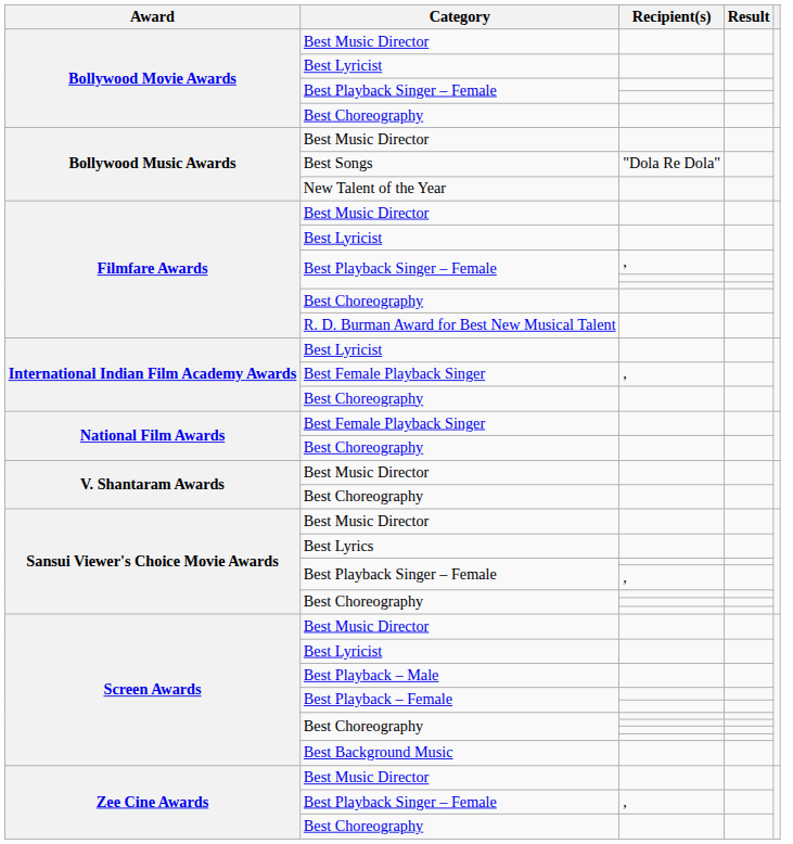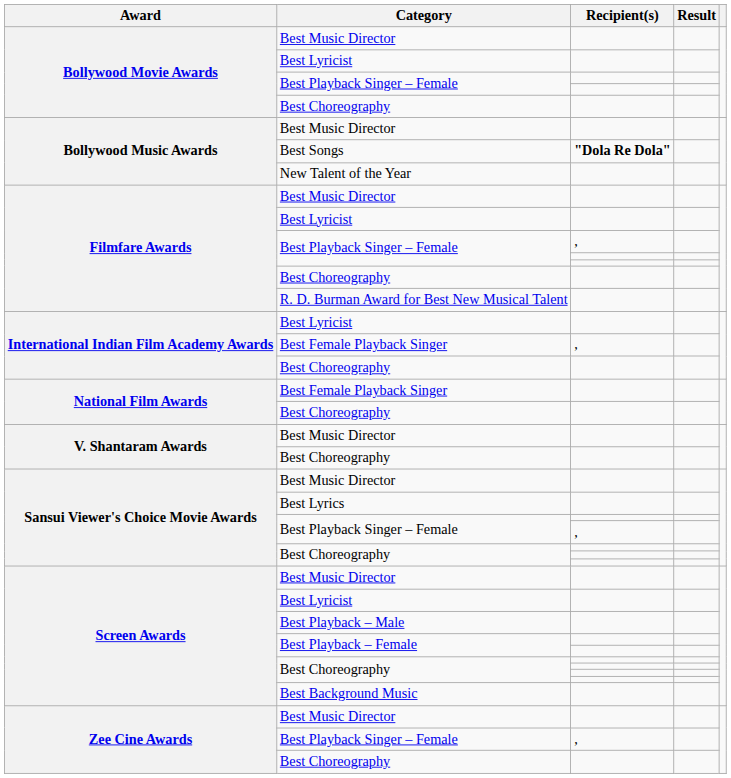 <table class="wikitable plainrowheaders sortable">
 <tr>
 <th scope="col">Award</th>
 <th scope="col">Category</th>
 <th scope="col">Recipient(s)</th>
 <th scope="col" class="unsortable">Result</th>
 <th scope="col" class="unsortable"></th>
 </tr>
 <tr>
 <th scope="row" rowspan="5"><a href='#'>Bollywood Movie Awards</a></th>
 <td><a href='#'>Best Music Director</a></td>
 <td></td>
 <td></td>
 <td style="text-align:center;" rowspan="5"><br></td>
 </tr>
 <tr>
 <td><a href='#'>Best Lyricist</a></td>
 <td> </td>
 <td></td>
 </tr>
 <tr>
 <td rowspan="2"><a href='#'>Best Playback Singer – Female</a></td>
 <td> </td>
 <td></td>
 </tr>
 <tr>
 <td> </td>
 <td></td>
 </tr>
 <tr>
 <td><a href='#'>Best Choreography</a></td>
 <td> </td>
 <td></td>
 </tr>
 <tr>
 <th scope="row" rowspan="3">Bollywood Music Awards</th>
 <td>Best Music Director</td>
 <td></td>
 <td></td>
 <td style="text-align:center;" rowspan="3"></td>
 </tr>
 <tr>
 <td>Best Songs</td>
-<td>"Dola Re Dola"</td>
+<td><strong>"Dola Re Dola"</strong></td>
 <td></td>
 </tr>
 <tr>
 <td>New Talent of the Year</td>
 <td></td>
 <td></td>
 </tr>
 <tr>
 <th scope="row" rowspan="7"><a href='#'>Filmfare Awards</a></th>
 <td><a href='#'>Best Music Director</a></td>
 <td></td>
 <td></td>
 <td style="text-align:center;" rowspan="7"><br></td>
 </tr>
 <tr>
 <td><a href='#'>Best Lyricist</a></td>
 <td> </td>
 <td></td>
 </tr>
 <tr>
 <td rowspan="3"><a href='#'>Best Playback Singer – Female</a></td>
 <td>,  </td>
 <td></td>
 </tr>
 <tr>
 <td> </td>
 <td></td>
 </tr>
 <tr>
 <td> </td>
 <td></td>
 </tr>
 <tr>
 <td><a href='#'>Best Choreography</a></td>
 <td> </td>
 <td></td>
 </tr>
 <tr>
 <td><a href='#'>R. D. Burman Award for Best New Musical Talent</a></td>
 <td></td>
 <td></td>
 </tr>
 <tr>
 <th scope="row" rowspan="3"><a href='#'>International Indian Film Academy Awards</a></th>
 <td><a href='#'>Best Lyricist</a></td>
 <td> </td>
 <td></td>
 <td style="text-align:center;" rowspan="3"><br></td>
 </tr>
 <tr>
 <td><a href='#'>Best Female Playback Singer</a></td>
 <td>,  </td>
 <td></td>
 </tr>
 <tr>
 <td><a href='#'>Best Choreography</a></td>
 <td> </td>
 <td></td>
 </tr>
 <tr>
 <th scope="row" rowspan="2"><a href='#'>National Film Awards</a></th>
 <td><a href='#'>Best Female Playback Singer</a></td>
 <td> </td>
 <td></td>
 <td style="text-align:center;" rowspan="2"></td>
 </tr>
 <tr>
 <td><a href='#'>Best Choreography</a></td>
 <td> </td>
 <td></td>
 </tr>
 <tr>
 <th scope="row" rowspan="2">V. Shantaram Awards</th>
 <td>Best Music Director</td>
 <td></td>
 <td></td>
 <td style="text-align:center;" rowspan="2"></td>
 </tr>
 <tr>
 <td>Best Choreography</td>
 <td> </td>
 <td></td>
 </tr>
 <tr>
 <th scope="row" rowspan="7">Sansui Viewer's Choice Movie Awards</th>
 <td>Best Music Director</td>
 <td></td>
 <td></td>
 <td style="text-align:center;" rowspan="7"><br></td>
 </tr>
 <tr>
 <td>Best Lyrics</td>
 <td> </td>
 <td></td>
 </tr>
 <tr>
 <td rowspan="2">Best Playback Singer – Female</td>
 <td> </td>
 <td></td>
 </tr>
 <tr>
 <td>,  </td>
 <td></td>
 </tr>
 <tr>
 <td rowspan="3">Best Choreography</td>
 <td> </td>
 <td></td>
 </tr>
 <tr>
 <td> </td>
 <td></td>
 </tr>
 <tr>
 <td> </td>
 <td></td>
 </tr>
 <tr>
 <th scope="row" rowspan="10"><a href='#'>Screen Awards</a></th>
 <td><a href='#'>Best Music Director</a></td>
 <td></td>
 <td></td>
 <td style="text-align:center;" rowspan="10"><br></td>
 </tr>
 <tr>
 <td><a href='#'>Best Lyricist</a></td>
 <td> </td>
 <td></td>
 </tr>
 <tr>
 <td><a href='#'>Best Playback – Male</a></td>
 <td> </td>
 <td></td>
 </tr>
 <tr>
 <td rowspan="2"><a href='#'>Best Playback – Female</a></td>
 <td> </td>
 <td></td>
 </tr>
 <tr>
 <td> </td>
 <td></td>
 </tr>
 <tr>
 <td rowspan="4">Best Choreography</td>
 <td> </td>
 <td></td>
 </tr>
 <tr>
 <td> </td>
 <td></td>
 </tr>
 <tr>
 <td> </td>
 <td></td>
 </tr>
 <tr>
 <td> </td>
 <td></td>
 </tr>
 <tr>
 <td><a href='#'>Best Background Music</a></td>
 <td></td>
 <td></td>
 </tr>
 <tr>
 <th scope="row" rowspan="3"><a href='#'>Zee Cine Awards</a></th>
 <td><a href='#'>Best Music Director</a></td>
 <td></td>
 <td></td>
 <td style="text-align:center;" rowspan="3"><br></td>
 </tr>
 <tr>
 <td><a href='#'>Best Playback Singer – Female</a></td>
 <td>,  </td>
 <td></td>
 </tr>
 <tr>
 <td><a href='#'>Best Choreography</a></td>
 <td> </td>
 <td></td>
 </tr>
 </table>
